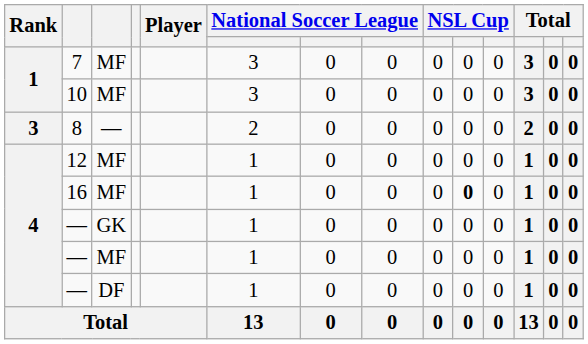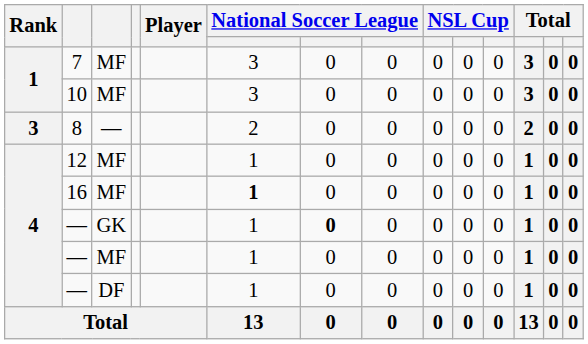 <table class="wikitable sortable" style="text-align:center">
 <tr>
 <th rowspan="2">Rank</th>
 <th rowspan="2"></th>
 <th rowspan="2"></th>
 <th rowspan="2"></th>
 <th rowspan="2">Player</th>
 <th colspan="3"><a href='#'>National Soccer League</a></th>
 <th colspan="3"><a href='#'>NSL Cup</a></th>
 <th colspan="3">Total</th>
 </tr>
 <tr>
 <th></th>
 <th></th>
 <th></th>
 <th></th>
 <th></th>
 <th></th>
 <th></th>
 <th></th>
 <th></th>
 </tr>
 <tr>
 <th rowspan="2">1</th>
 <td>7</td>
 <td>MF</td>
 <td></td>
 <td align="left"><br></td>
 <td>3</td>
 <td>0</td>
 <td>0<br></td>
 <td>0</td>
 <td>0</td>
 <td>0<br></td>
 <th>3</th>
 <th>0</th>
 <th>0</th>
 </tr>
 <tr>
 <td>10</td>
 <td>MF</td>
 <td></td>
 <td align="left"><br></td>
 <td>3</td>
 <td>0</td>
 <td>0<br></td>
 <td>0</td>
 <td>0</td>
 <td>0<br></td>
 <th>3</th>
 <th>0</th>
 <th>0</th>
 </tr>
 <tr>
 <th>3</th>
 <td>8</td>
 <td>—</td>
 <td></td>
 <td align="left"><br></td>
 <td>2</td>
 <td>0</td>
 <td>0<br></td>
 <td>0</td>
 <td>0</td>
 <td>0<br></td>
 <th>2</th>
 <th>0</th>
 <th>0</th>
 </tr>
 <tr>
 <th rowspan="5">4</th>
 <td>12</td>
 <td>MF</td>
 <td></td>
 <td align="left"><br></td>
 <td>1</td>
 <td>0</td>
 <td>0<br></td>
 <td>0</td>
 <td>0</td>
 <td>0<br></td>
 <th>1</th>
 <th>0</th>
 <th>0</th>
 </tr>
 <tr>
 <td>16</td>
 <td>MF</td>
 <td></td>
 <td align="left"><br></td>
-<td>1</td>
+<td><strong>1</strong></td>
 <td>0</td>
 <td>0<br></td>
 <td>0</td>
-<td><strong>0</strong></td>
+<td>0</td>
 <td>0<br></td>
 <th>1</th>
 <th>0</th>
 <th>0</th>
 </tr>
 <tr>
 <td>—</td>
 <td>GK</td>
 <td></td>
 <td align="left"><br></td>
 <td>1</td>
-<td>0</td>
+<td><strong>0</strong></td>
 <td>0<br></td>
 <td>0</td>
 <td>0</td>
 <td>0<br></td>
 <th>1</th>
 <th>0</th>
 <th>0</th>
 </tr>
 <tr>
 <td>—</td>
 <td>MF</td>
 <td></td>
 <td align="left"><br></td>
 <td>1</td>
 <td>0</td>
 <td>0<br></td>
 <td>0</td>
 <td>0</td>
 <td>0<br></td>
 <th>1</th>
 <th>0</th>
 <th>0</th>
 </tr>
 <tr>
 <td>—</td>
 <td>DF</td>
 <td></td>
 <td align="left"><br></td>
 <td>1</td>
 <td>0</td>
 <td>0<br></td>
 <td>0</td>
 <td>0</td>
 <td>0<br></td>
 <th>1</th>
 <th>0</th>
 <th>0</th>
 </tr>
 <tr>
 <th colspan="5">Total<br></th>
 <th>13</th>
 <th>0</th>
 <th>0<br></th>
 <th>0</th>
 <th>0</th>
 <th>0<br></th>
 <th>13</th>
 <th>0</th>
 <th>0</th>
 </tr>
 </table>
